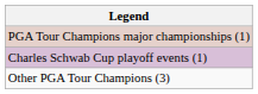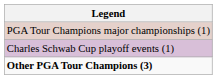 <table class="wikitable" style="font-size:95%;">
 <tr>
 <th>Legend</th>
 </tr>
 <tr style="background:#e5d1cb;">
 <td>PGA Tour Champions major championships (1)</td>
 </tr>
 <tr style="background:thistle">
 <td>Charles Schwab Cup playoff events (1)</td>
 </tr>
 <tr>
-<td>Other PGA Tour Champions (3)</td>
+<td><strong>Other PGA Tour Champions (3)</strong></td>
 </tr>
 </table>
